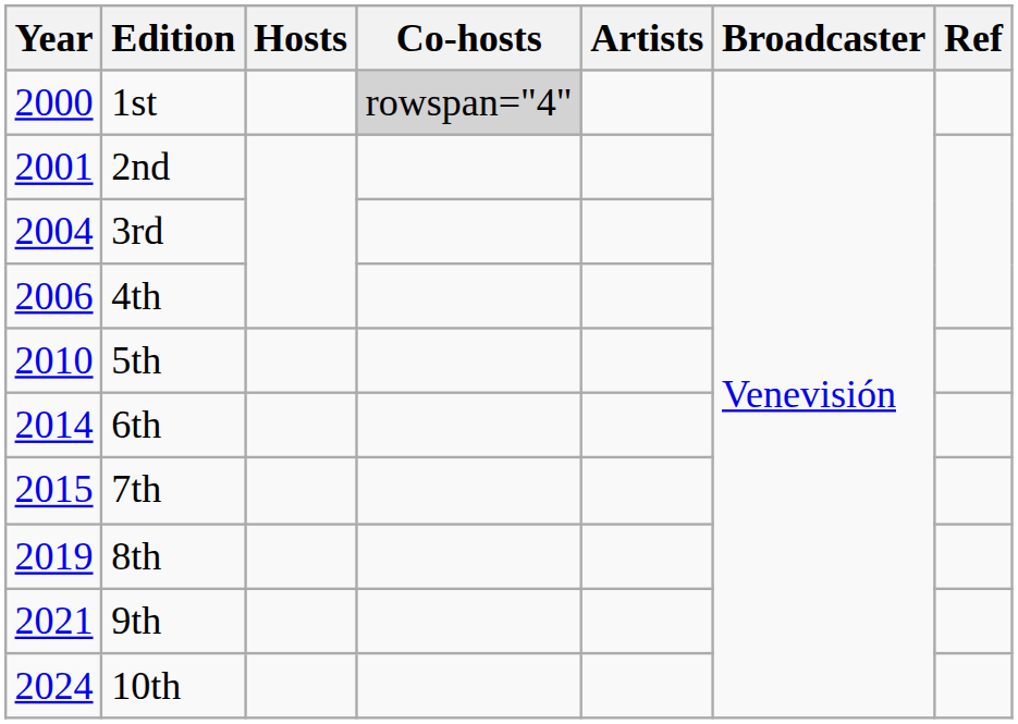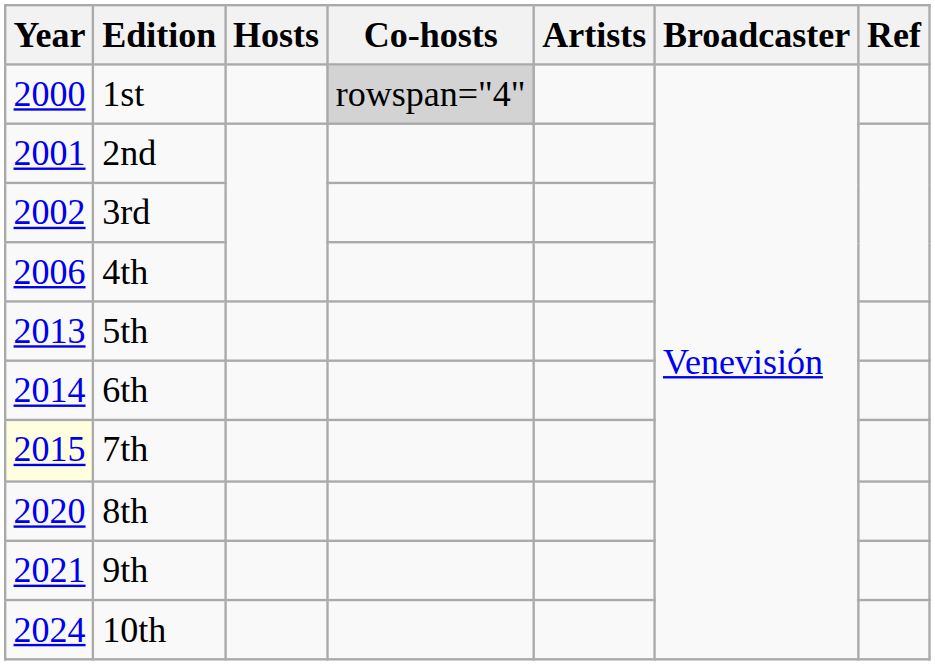 <table class="wikitable sortable" style="font-size: 95%;">
 <tr>
 <th>Year</th>
 <th>Edition</th>
 <th>Hosts</th>
 <th>Co-hosts</th>
 <th>Artists</th>
 <th>Broadcaster</th>
 <th>Ref</th>
 </tr>
 <tr>
 <td><a href='#'>2000</a></td>
 <td>1st</td>
 <td></td>
 <td style="background: lightgrey;">rowspan="4" </td>
 <td></td>
 <td rowspan="10"><a href='#'>Venevisión</a></td>
 <td></td>
 </tr>
 <tr>
 <td><a href='#'>2001</a></td>
 <td>2nd</td>
 <td rowspan="3"></td>
 <td></td>
 <td></td>
 </tr>
 <tr>
-<td><a href='#'>2004</a></td>
+<td><a href='#'>2002</a></td>
 <td>3rd</td>
 <td></td>
 <td></td>
 </tr>
 <tr>
 <td><a href='#'>2006</a></td>
 <td>4th</td>
 <td></td>
 <td></td>
 </tr>
 <tr>
-<td><a href='#'>2010</a></td>
+<td><a href='#'>2013</a></td>
 <td>5th</td>
 <td></td>
 <td></td>
 <td></td>
 <td></td>
 </tr>
 <tr>
 <td><a href='#'>2014</a></td>
 <td>6th</td>
 <td></td>
 <td></td>
 <td></td>
 <td></td>
 </tr>
 <tr>
-<td><a href='#'>2015</a></td>
+<td style="background: lightyellow;"><a href='#'>2015</a></td>
 <td>7th</td>
 <td></td>
 <td></td>
 <td></td>
 <td></td>
 </tr>
 <tr>
-<td><a href='#'>2019</a></td>
+<td><a href='#'>2020</a></td>
 <td>8th</td>
 <td></td>
 <td></td>
 <td></td>
 <td></td>
 </tr>
 <tr>
 <td><a href='#'>2021</a></td>
 <td>9th</td>
 <td></td>
 <td></td>
 <td></td>
 <td></td>
 </tr>
 <tr>
 <td><a href='#'>2024</a></td>
 <td>10th</td>
 <td></td>
 <td></td>
 <td></td>
 <td></td>
 </tr>
 </table>
